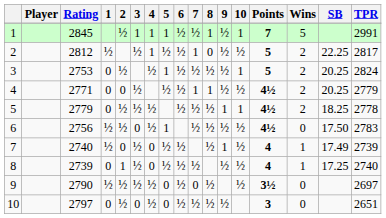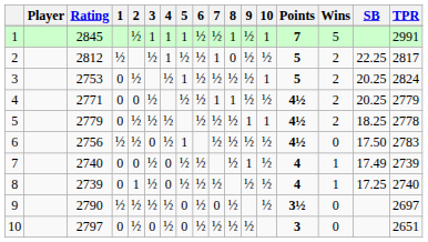 <table class="wikitable" style="text-align: center;">
 <tr>
 <th></th>
 <th>Player</th>
 <th><a href='#'>Rating</a></th>
 <th>1</th>
 <th>2</th>
 <th>3</th>
 <th>4</th>
 <th>5</th>
 <th>6</th>
 <th>7</th>
 <th>8</th>
 <th>9</th>
 <th>10</th>
 <th>Points</th>
 <th>Wins</th>
 <th><a href='#'>SB</a></th>
 <th><a href='#'>TPR</a></th>
 </tr>
 <tr>
 </tr>
 <tr style="background:#ccffcc;">
 <td>1</td>
 <td align="left"><strong></strong></td>
 <td>2845</td>
 <td></td>
 <td>½</td>
 <td>1</td>
 <td>1</td>
 <td>1</td>
 <td>½</td>
 <td>½</td>
 <td>1</td>
 <td>½</td>
 <td>1</td>
 <td><strong>7 </strong></td>
 <td>5</td>
 <td></td>
 <td>2991</td>
 </tr>
 <tr>
 <td>2</td>
 <td align="left"></td>
 <td>2812</td>
 <td>½</td>
 <td></td>
 <td>½</td>
 <td>1</td>
 <td>½</td>
 <td>½</td>
 <td>1</td>
 <td>0</td>
 <td>½</td>
 <td>½</td>
 <td><strong>5</strong></td>
 <td>2</td>
 <td>22.25</td>
 <td>2817</td>
 </tr>
 <tr>
 <td>3</td>
 <td align="left"></td>
 <td>2753</td>
 <td>0</td>
 <td>½</td>
 <td></td>
 <td>½</td>
 <td>1</td>
 <td>½</td>
 <td>½</td>
 <td>½</td>
 <td>½</td>
 <td>1</td>
 <td><strong>5</strong></td>
 <td>2</td>
 <td>20.25</td>
 <td>2824</td>
 </tr>
 <tr>
 <td>4</td>
 <td align="left"></td>
 <td>2771</td>
 <td>0</td>
 <td>0</td>
 <td>½</td>
 <td></td>
 <td>½</td>
 <td>½</td>
 <td>1</td>
 <td>1</td>
 <td>½</td>
 <td>½</td>
 <td><strong>4½</strong></td>
 <td>2</td>
 <td>20.25</td>
 <td>2779</td>
 </tr>
 <tr>
 <td>5</td>
 <td align="left"></td>
 <td>2779</td>
 <td>0</td>
 <td>½</td>
 <td>½</td>
 <td>½</td>
 <td></td>
 <td>½</td>
 <td>½</td>
 <td>½</td>
 <td>1</td>
 <td>1</td>
 <td><strong>4½</strong></td>
 <td>2</td>
 <td>18.25</td>
 <td>2778</td>
 </tr>
 <tr>
 <td>6</td>
 <td align="left"></td>
 <td>2756</td>
 <td>½</td>
 <td>½</td>
 <td>0</td>
 <td>½</td>
 <td>1</td>
 <td></td>
 <td>½</td>
 <td>½</td>
 <td>½</td>
 <td>½</td>
 <td><strong>4½</strong></td>
 <td>0</td>
 <td>17.50</td>
 <td>2783</td>
 </tr>
 <tr>
 <td>7</td>
 <td align="left"></td>
 <td>2740</td>
-<td>½</td>
+<td>0</td>
 <td>0</td>
 <td>½</td>
 <td>0</td>
 <td>½</td>
 <td>½</td>
 <td></td>
 <td>½</td>
 <td>1</td>
 <td>½</td>
 <td><strong>4</strong></td>
 <td>1</td>
 <td>17.49</td>
 <td>2739</td>
 </tr>
 <tr>
 <td>8</td>
 <td align="left"></td>
 <td>2739</td>
 <td>0</td>
 <td>1</td>
 <td>½</td>
 <td>0</td>
 <td>½</td>
 <td>½</td>
 <td>½</td>
 <td></td>
 <td>½</td>
 <td>½</td>
 <td><strong>4</strong></td>
 <td>1</td>
 <td>17.25</td>
 <td>2740</td>
 </tr>
 <tr>
 <td>9</td>
 <td align="left"></td>
 <td>2790</td>
 <td>½</td>
 <td>½</td>
 <td>½</td>
 <td>½</td>
 <td>0</td>
 <td>½</td>
 <td>0</td>
 <td>½</td>
 <td></td>
 <td>½</td>
 <td><strong>3½</strong></td>
 <td>0</td>
 <td></td>
 <td>2697</td>
 </tr>
 <tr>
 <td>10</td>
 <td align="left"></td>
 <td>2797</td>
 <td>0</td>
 <td>½</td>
 <td>0</td>
 <td>½</td>
 <td>0</td>
 <td>½</td>
 <td>½</td>
 <td>½</td>
 <td>½</td>
 <td></td>
 <td><strong>3</strong></td>
 <td>0</td>
 <td></td>
 <td>2651</td>
 </tr>
 </table>
